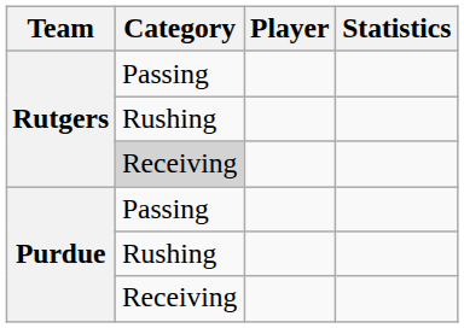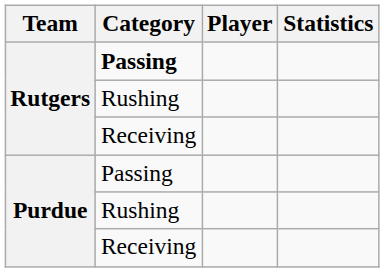 <table class="wikitable" style="float:right">
 <tr>
 <th>Team</th>
 <th>Category</th>
 <th>Player</th>
 <th>Statistics</th>
 </tr>
 <tr>
 <th rowspan=3>Rutgers</th>
-<td>Passing</td>
+<td><strong>Passing</strong></td>
 <td></td>
 <td></td>
 </tr>
 <tr>
 <td>Rushing</td>
 <td></td>
 <td></td>
 </tr>
 <tr>
-<td style="background: lightgrey;">Receiving</td>
+<td>Receiving</td>
 <td></td>
 <td></td>
 </tr>
 <tr>
 <th rowspan=3>Purdue</th>
 <td>Passing</td>
 <td></td>
 <td></td>
 </tr>
 <tr>
 <td>Rushing</td>
 <td></td>
 <td></td>
 </tr>
 <tr>
 <td>Receiving</td>
 <td></td>
 <td></td>
 </tr>
 </table>
